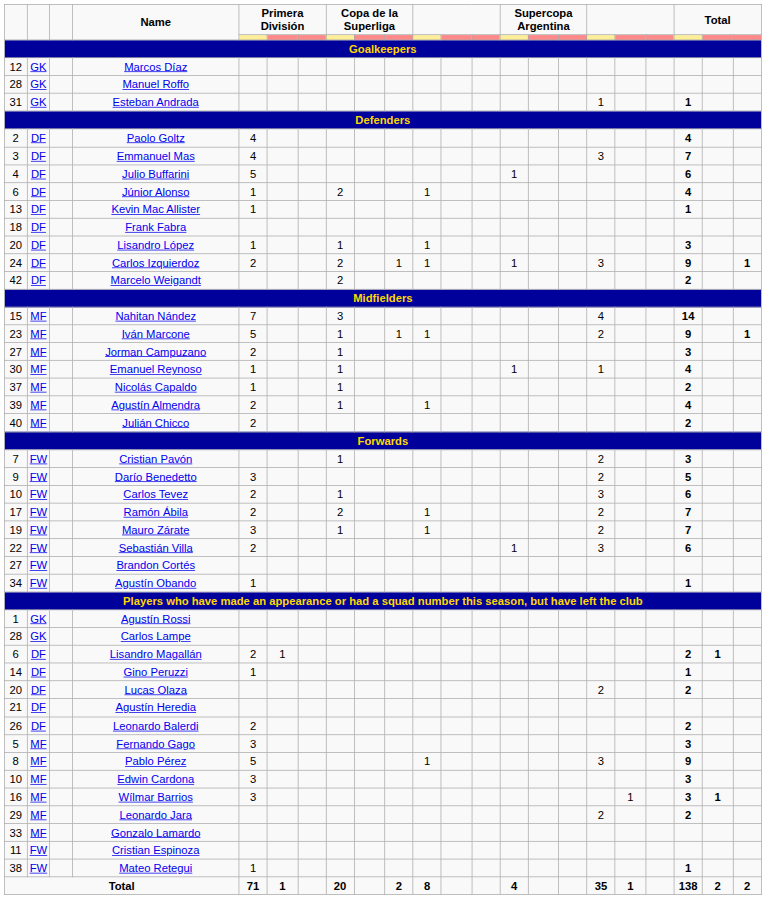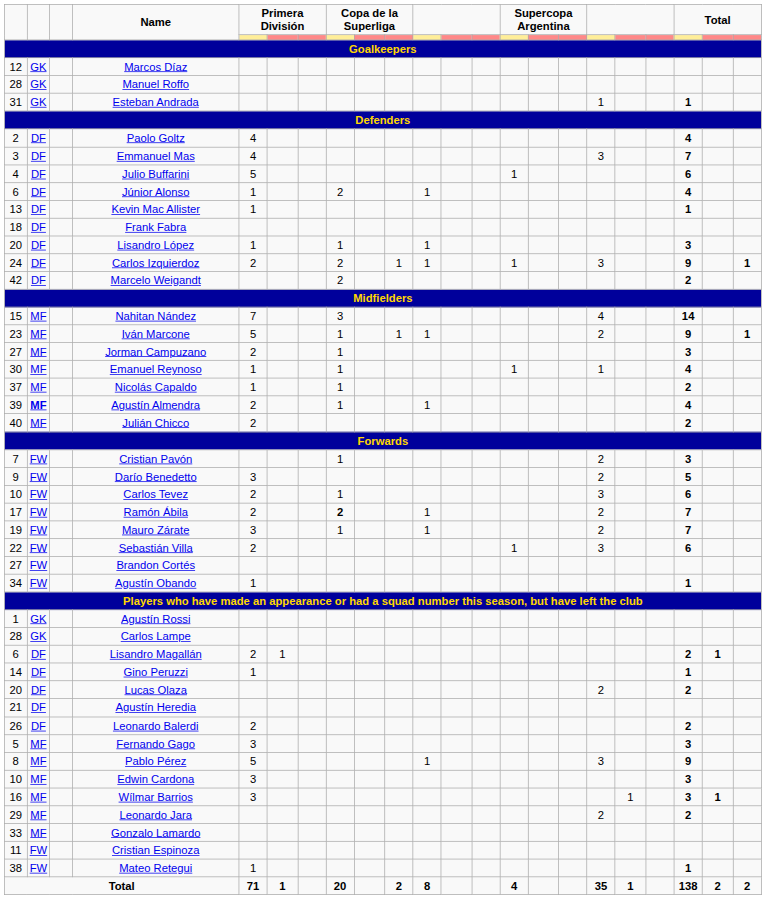 <table class="wikitable" style="font-size: 95%; text-align: center;">
 <tr>
 <td rowspan="2"  style="width:3%; text-align:center;"><strong></strong></td>
 <td rowspan="2"  style="width:3%; text-align:center;"><strong></strong></td>
 <td rowspan="2"  style="width:3%; text-align:center;"><strong></strong></td>
 <td rowspan="2"  style="width:22%; text-align:center;"><strong>Name</strong></td>
 <td colspan="3" style="text-align:center;"><strong>Primera División</strong></td>
 <td colspan="3" style="text-align:center;"><strong>Copa de la Superliga</strong></td>
 <td colspan="3" style="text-align:center;"><strong></strong></td>
 <td colspan="3" style="text-align:center;"><strong>Supercopa Argentina</strong></td>
 <td colspan="3" style="text-align:center;"><strong></strong></td>
 <td colspan="3" style="text-align:center;"><strong>Total</strong></td>
 </tr>
 <tr>
 <th style="width:25px; background:#fe9;"></th>
 <th style="width:28px; background:#ff8888;"></th>
 <th style="width:25px; background:#ff8888;"></th>
 <th style="width:25px; background:#fe9;"></th>
 <th style="width:28px; background:#ff8888;"></th>
 <th style="width:25px; background:#ff8888;"></th>
 <th style="width:25px; background:#fe9;"></th>
 <th style="width:28px; background:#ff8888;"></th>
 <th style="width:25px; background:#ff8888;"></th>
 <th style="width:25px; background:#fe9;"></th>
 <th style="width:28px; background:#ff8888;"></th>
 <th style="width:25px; background:#ff8888;"></th>
 <th style="width:25px; background:#fe9;"></th>
 <th style="width:28px; background:#ff8888;"></th>
 <th style="width:25px; background:#ff8888;"></th>
 <th style="width:25px; background:#fe9;"></th>
 <th style="width:28px; background:#ff8888;"></th>
 <th style="width:25px; background:#ff8888;"></th>
 </tr>
 <tr>
 <th colspan="22" style="background:#00009B; color:gold; text-align:center">Goalkeepers</th>
 </tr>
 <tr>
 <td>12</td>
 <td><a href='#'>GK</a></td>
 <td></td>
 <td><a href='#'>Marcos Díaz</a></td>
 <td></td>
 <td></td>
 <td></td>
 <td></td>
 <td></td>
 <td></td>
 <td></td>
 <td></td>
 <td></td>
 <td></td>
 <td></td>
 <td></td>
 <td></td>
 <td></td>
 <td></td>
 <td></td>
 <td></td>
 <td></td>
 </tr>
 <tr>
 <td>28</td>
 <td><a href='#'>GK</a></td>
 <td></td>
 <td><a href='#'>Manuel Roffo</a></td>
 <td></td>
 <td></td>
 <td></td>
 <td></td>
 <td></td>
 <td></td>
 <td></td>
 <td></td>
 <td></td>
 <td></td>
 <td></td>
 <td></td>
 <td></td>
 <td></td>
 <td></td>
 <td></td>
 <td></td>
 <td></td>
 </tr>
 <tr>
 <td>31</td>
 <td><a href='#'>GK</a></td>
 <td></td>
 <td><a href='#'>Esteban Andrada</a></td>
 <td></td>
 <td></td>
 <td></td>
 <td></td>
 <td></td>
 <td></td>
 <td></td>
 <td></td>
 <td></td>
 <td></td>
 <td></td>
 <td></td>
 <td>1</td>
 <td></td>
 <td></td>
 <td><strong>1</strong></td>
 <td></td>
 <td></td>
 </tr>
 <tr>
 <th colspan="22" style="background:#00009B; color:gold; text-align:center">Defenders</th>
 </tr>
 <tr>
 <td>2</td>
 <td><a href='#'>DF</a></td>
 <td></td>
 <td><a href='#'>Paolo Goltz</a></td>
 <td>4</td>
 <td></td>
 <td></td>
 <td></td>
 <td></td>
 <td></td>
 <td></td>
 <td></td>
 <td></td>
 <td></td>
 <td></td>
 <td></td>
 <td></td>
 <td></td>
 <td></td>
 <td><strong>4</strong></td>
 <td></td>
 <td></td>
 </tr>
 <tr>
 <td>3</td>
 <td><a href='#'>DF</a></td>
 <td></td>
 <td><a href='#'>Emmanuel Mas</a></td>
 <td>4</td>
 <td></td>
 <td></td>
 <td></td>
 <td></td>
 <td></td>
 <td></td>
 <td></td>
 <td></td>
 <td></td>
 <td></td>
 <td></td>
 <td>3</td>
 <td></td>
 <td></td>
 <td><strong>7</strong></td>
 <td></td>
 <td></td>
 </tr>
 <tr>
 <td>4</td>
 <td><a href='#'>DF</a></td>
 <td></td>
 <td><a href='#'>Julio Buffarini</a></td>
 <td>5</td>
 <td></td>
 <td></td>
 <td></td>
 <td></td>
 <td></td>
 <td></td>
 <td></td>
 <td></td>
 <td>1</td>
 <td></td>
 <td></td>
 <td></td>
 <td></td>
 <td></td>
 <td><strong>6</strong></td>
 <td></td>
 <td></td>
 </tr>
 <tr>
 <td>6</td>
 <td><a href='#'>DF</a></td>
 <td></td>
 <td><a href='#'>Júnior Alonso</a></td>
 <td>1</td>
 <td></td>
 <td></td>
 <td>2</td>
 <td></td>
 <td></td>
 <td>1</td>
 <td></td>
 <td></td>
 <td></td>
 <td></td>
 <td></td>
 <td></td>
 <td></td>
 <td></td>
 <td><strong>4</strong></td>
 <td></td>
 <td></td>
 </tr>
 <tr>
 <td>13</td>
 <td><a href='#'>DF</a></td>
 <td></td>
 <td><a href='#'>Kevin Mac Allister</a></td>
 <td>1</td>
 <td></td>
 <td></td>
 <td></td>
 <td></td>
 <td></td>
 <td></td>
 <td></td>
 <td></td>
 <td></td>
 <td></td>
 <td></td>
 <td></td>
 <td></td>
 <td></td>
 <td><strong>1</strong></td>
 <td></td>
 <td></td>
 </tr>
 <tr>
 <td>18</td>
 <td><a href='#'>DF</a></td>
 <td></td>
 <td><a href='#'>Frank Fabra</a></td>
 <td></td>
 <td></td>
 <td></td>
 <td></td>
 <td></td>
 <td></td>
 <td></td>
 <td></td>
 <td></td>
 <td></td>
 <td></td>
 <td></td>
 <td></td>
 <td></td>
 <td></td>
 <td></td>
 <td></td>
 <td></td>
 </tr>
 <tr>
 <td>20</td>
 <td><a href='#'>DF</a></td>
 <td></td>
 <td><a href='#'>Lisandro López</a></td>
 <td>1</td>
 <td></td>
 <td></td>
 <td>1</td>
 <td></td>
 <td></td>
 <td>1</td>
 <td></td>
 <td></td>
 <td></td>
 <td></td>
 <td></td>
 <td></td>
 <td></td>
 <td></td>
 <td><strong>3</strong></td>
 <td></td>
 <td></td>
 </tr>
 <tr>
 <td>24</td>
 <td><a href='#'>DF</a></td>
 <td></td>
 <td><a href='#'>Carlos Izquierdoz</a></td>
 <td>2</td>
 <td></td>
 <td></td>
 <td>2</td>
 <td></td>
 <td>1</td>
 <td>1</td>
 <td></td>
 <td></td>
 <td>1</td>
 <td></td>
 <td></td>
 <td>3</td>
 <td></td>
 <td></td>
 <td><strong>9</strong></td>
 <td></td>
 <td><strong>1</strong></td>
 </tr>
 <tr>
 <td>42</td>
 <td><a href='#'>DF</a></td>
 <td></td>
 <td><a href='#'>Marcelo Weigandt</a></td>
 <td></td>
 <td></td>
 <td></td>
 <td>2</td>
 <td></td>
 <td></td>
 <td></td>
 <td></td>
 <td></td>
 <td></td>
 <td></td>
 <td></td>
 <td></td>
 <td></td>
 <td></td>
 <td><strong>2</strong></td>
 <td></td>
 <td></td>
 </tr>
 <tr>
 <th colspan="22" style="background:#00009B; color:gold; text-align:center">Midfielders</th>
 </tr>
 <tr>
 <td>15</td>
 <td><a href='#'>MF</a></td>
 <td></td>
 <td><a href='#'>Nahitan Nández</a></td>
 <td>7</td>
 <td></td>
 <td></td>
 <td>3</td>
 <td></td>
 <td></td>
 <td></td>
 <td></td>
 <td></td>
 <td></td>
 <td></td>
 <td></td>
 <td>4</td>
 <td></td>
 <td></td>
 <td><strong>14</strong></td>
 <td></td>
 <td></td>
 </tr>
 <tr>
 <td>23</td>
 <td><a href='#'>MF</a></td>
 <td></td>
 <td><a href='#'>Iván Marcone</a></td>
 <td>5</td>
 <td></td>
 <td></td>
 <td>1</td>
 <td></td>
 <td>1</td>
 <td>1</td>
 <td></td>
 <td></td>
 <td></td>
 <td></td>
 <td></td>
 <td>2</td>
 <td></td>
 <td></td>
 <td><strong>9</strong></td>
 <td></td>
 <td><strong>1</strong></td>
 </tr>
 <tr>
 <td>27</td>
 <td><a href='#'>MF</a></td>
 <td></td>
 <td><a href='#'>Jorman Campuzano</a></td>
 <td>2</td>
 <td></td>
 <td></td>
 <td>1</td>
 <td></td>
 <td></td>
 <td></td>
 <td></td>
 <td></td>
 <td></td>
 <td></td>
 <td></td>
 <td></td>
 <td></td>
 <td></td>
 <td><strong>3</strong></td>
 <td></td>
 <td></td>
 </tr>
 <tr>
 <td>30</td>
 <td><a href='#'>MF</a></td>
 <td></td>
 <td><a href='#'>Emanuel Reynoso</a></td>
 <td>1</td>
 <td></td>
 <td></td>
 <td>1</td>
 <td></td>
 <td></td>
 <td></td>
 <td></td>
 <td></td>
 <td>1</td>
 <td></td>
 <td></td>
 <td>1</td>
 <td></td>
 <td></td>
 <td><strong>4</strong></td>
 <td></td>
 <td></td>
 </tr>
 <tr>
 <td>37</td>
 <td><a href='#'>MF</a></td>
 <td></td>
 <td><a href='#'>Nicolás Capaldo</a></td>
 <td>1</td>
 <td></td>
 <td></td>
 <td>1</td>
 <td></td>
 <td></td>
 <td></td>
 <td></td>
 <td></td>
 <td></td>
 <td></td>
 <td></td>
 <td></td>
 <td></td>
 <td></td>
 <td><strong>2</strong></td>
 <td></td>
 <td></td>
 </tr>
 <tr>
 <td>39</td>
-<td><a href='#'>MF</a></td>
+<td><strong><a href='#'>MF</a></strong></td>
 <td></td>
 <td><a href='#'>Agustín Almendra</a></td>
 <td>2</td>
 <td></td>
 <td></td>
 <td>1</td>
 <td></td>
 <td></td>
 <td>1</td>
 <td></td>
 <td></td>
 <td></td>
 <td></td>
 <td></td>
 <td></td>
 <td></td>
 <td></td>
 <td><strong>4</strong></td>
 <td></td>
 <td></td>
 </tr>
 <tr>
 <td>40</td>
 <td><a href='#'>MF</a></td>
 <td></td>
 <td><a href='#'>Julián Chicco</a></td>
 <td>2</td>
 <td></td>
 <td></td>
 <td></td>
 <td></td>
 <td></td>
 <td></td>
 <td></td>
 <td></td>
 <td></td>
 <td></td>
 <td></td>
 <td></td>
 <td></td>
 <td></td>
 <td><strong>2</strong></td>
 <td></td>
 <td></td>
 </tr>
 <tr>
 <th colspan="22" style="background:#00009B; color:gold; text-align:center">Forwards</th>
 </tr>
 <tr>
 <td>7</td>
 <td><a href='#'>FW</a></td>
 <td></td>
 <td><a href='#'>Cristian Pavón</a></td>
 <td></td>
 <td></td>
 <td></td>
 <td>1</td>
 <td></td>
 <td></td>
 <td></td>
 <td></td>
 <td></td>
 <td></td>
 <td></td>
 <td></td>
 <td>2</td>
 <td></td>
 <td></td>
 <td><strong>3</strong></td>
 <td></td>
 <td></td>
 </tr>
 <tr>
 <td>9</td>
 <td><a href='#'>FW</a></td>
 <td></td>
 <td><a href='#'>Darío Benedetto</a></td>
 <td>3</td>
 <td></td>
 <td></td>
 <td></td>
 <td></td>
 <td></td>
 <td></td>
 <td></td>
 <td></td>
 <td></td>
 <td></td>
 <td></td>
 <td>2</td>
 <td></td>
 <td></td>
 <td><strong>5</strong></td>
 <td></td>
 <td></td>
 </tr>
 <tr>
 <td>10</td>
 <td><a href='#'>FW</a></td>
 <td></td>
 <td><a href='#'>Carlos Tevez</a></td>
 <td>2</td>
 <td></td>
 <td></td>
 <td>1</td>
 <td></td>
 <td></td>
 <td></td>
 <td></td>
 <td></td>
 <td></td>
 <td></td>
 <td></td>
 <td>3</td>
 <td></td>
 <td></td>
 <td><strong>6</strong></td>
 <td></td>
 <td></td>
 </tr>
 <tr>
 <td>17</td>
 <td><a href='#'>FW</a></td>
 <td></td>
 <td><a href='#'>Ramón Ábila</a></td>
 <td>2</td>
 <td></td>
 <td></td>
-<td>2</td>
+<td><strong>2</strong></td>
 <td></td>
 <td></td>
 <td>1</td>
 <td></td>
 <td></td>
 <td></td>
 <td></td>
 <td></td>
 <td>2</td>
 <td></td>
 <td></td>
 <td><strong>7</strong></td>
 <td></td>
 <td></td>
 </tr>
 <tr>
 <td>19</td>
 <td><a href='#'>FW</a></td>
 <td></td>
 <td><a href='#'>Mauro Zárate</a></td>
 <td>3</td>
 <td></td>
 <td></td>
 <td>1</td>
 <td></td>
 <td></td>
 <td>1</td>
 <td></td>
 <td></td>
 <td></td>
 <td></td>
 <td></td>
 <td>2</td>
 <td></td>
 <td></td>
 <td><strong>7</strong></td>
 <td></td>
 <td></td>
 </tr>
 <tr>
 <td>22</td>
 <td><a href='#'>FW</a></td>
 <td></td>
 <td><a href='#'>Sebastián Villa</a></td>
 <td>2</td>
 <td></td>
 <td></td>
 <td></td>
 <td></td>
 <td></td>
 <td></td>
 <td></td>
 <td></td>
 <td>1</td>
 <td></td>
 <td></td>
 <td>3</td>
 <td></td>
 <td></td>
 <td><strong>6</strong></td>
 <td></td>
 <td></td>
 </tr>
 <tr>
 <td>27</td>
 <td><a href='#'>FW</a></td>
 <td></td>
 <td><a href='#'>Brandon Cortés</a></td>
 <td></td>
 <td></td>
 <td></td>
 <td></td>
 <td></td>
 <td></td>
 <td></td>
 <td></td>
 <td></td>
 <td></td>
 <td></td>
 <td></td>
 <td></td>
 <td></td>
 <td></td>
 <td></td>
 <td></td>
 <td></td>
 </tr>
 <tr>
 <td>34</td>
 <td><a href='#'>FW</a></td>
 <td></td>
 <td><a href='#'>Agustín Obando</a></td>
 <td>1</td>
 <td></td>
 <td></td>
 <td></td>
 <td></td>
 <td></td>
 <td></td>
 <td></td>
 <td></td>
 <td></td>
 <td></td>
 <td></td>
 <td></td>
 <td></td>
 <td></td>
 <td><strong>1</strong></td>
 <td></td>
 <td></td>
 </tr>
 <tr>
 <th colspan="22" style="background:#00009B; color:gold; text-align:center">Players who have made an appearance or had a squad number this season, but have left the club</th>
 </tr>
 <tr>
 <td>1</td>
 <td><a href='#'>GK</a></td>
 <td></td>
 <td><a href='#'>Agustín Rossi</a></td>
 <td></td>
 <td></td>
 <td></td>
 <td></td>
 <td></td>
 <td></td>
 <td></td>
 <td></td>
 <td></td>
 <td></td>
 <td></td>
 <td></td>
 <td></td>
 <td></td>
 <td></td>
 <td></td>
 <td></td>
 <td></td>
 </tr>
 <tr>
 <td>28</td>
 <td><a href='#'>GK</a></td>
 <td></td>
 <td><a href='#'>Carlos Lampe</a></td>
 <td></td>
 <td></td>
 <td></td>
 <td></td>
 <td></td>
 <td></td>
 <td></td>
 <td></td>
 <td></td>
 <td></td>
 <td></td>
 <td></td>
 <td></td>
 <td></td>
 <td></td>
 <td></td>
 <td></td>
 <td></td>
 </tr>
 <tr>
 <td>6</td>
 <td><a href='#'>DF</a></td>
 <td></td>
 <td><a href='#'>Lisandro Magallán</a></td>
 <td>2</td>
 <td>1</td>
 <td></td>
 <td></td>
 <td></td>
 <td></td>
 <td></td>
 <td></td>
 <td></td>
 <td></td>
 <td></td>
 <td></td>
 <td></td>
 <td></td>
 <td></td>
 <td><strong>2</strong></td>
 <td><strong>1</strong></td>
 <td></td>
 </tr>
 <tr>
 <td>14</td>
 <td><a href='#'>DF</a></td>
 <td></td>
 <td><a href='#'>Gino Peruzzi</a></td>
 <td>1</td>
 <td></td>
 <td></td>
 <td></td>
 <td></td>
 <td></td>
 <td></td>
 <td></td>
 <td></td>
 <td></td>
 <td></td>
 <td></td>
 <td></td>
 <td></td>
 <td></td>
 <td><strong>1</strong></td>
 <td></td>
 <td></td>
 </tr>
 <tr>
 <td>20</td>
 <td><a href='#'>DF</a></td>
 <td></td>
 <td><a href='#'>Lucas Olaza</a></td>
 <td></td>
 <td></td>
 <td></td>
 <td></td>
 <td></td>
 <td></td>
 <td></td>
 <td></td>
 <td></td>
 <td></td>
 <td></td>
 <td></td>
 <td>2</td>
 <td></td>
 <td></td>
 <td><strong>2</strong></td>
 <td></td>
 <td></td>
 </tr>
 <tr>
 <td>21</td>
 <td><a href='#'>DF</a></td>
 <td></td>
 <td><a href='#'>Agustín Heredia</a></td>
 <td></td>
 <td></td>
 <td></td>
 <td></td>
 <td></td>
 <td></td>
 <td></td>
 <td></td>
 <td></td>
 <td></td>
 <td></td>
 <td></td>
 <td></td>
 <td></td>
 <td></td>
 <td></td>
 <td></td>
 <td></td>
 </tr>
 <tr>
 <td>26</td>
 <td><a href='#'>DF</a></td>
 <td></td>
 <td><a href='#'>Leonardo Balerdi</a></td>
 <td>2</td>
 <td></td>
 <td></td>
 <td></td>
 <td></td>
 <td></td>
 <td></td>
 <td></td>
 <td></td>
 <td></td>
 <td></td>
 <td></td>
 <td></td>
 <td></td>
 <td></td>
 <td><strong>2</strong></td>
 <td></td>
 <td></td>
 </tr>
 <tr>
 <td>5</td>
 <td><a href='#'>MF</a></td>
 <td></td>
 <td><a href='#'>Fernando Gago</a></td>
 <td>3</td>
 <td></td>
 <td></td>
 <td></td>
 <td></td>
 <td></td>
 <td></td>
 <td></td>
 <td></td>
 <td></td>
 <td></td>
 <td></td>
 <td></td>
 <td></td>
 <td></td>
 <td><strong>3</strong></td>
 <td></td>
 <td></td>
 </tr>
 <tr>
 <td>8</td>
 <td><a href='#'>MF</a></td>
 <td></td>
 <td><a href='#'>Pablo Pérez</a></td>
 <td>5</td>
 <td></td>
 <td></td>
 <td></td>
 <td></td>
 <td></td>
 <td>1</td>
 <td></td>
 <td></td>
 <td></td>
 <td></td>
 <td></td>
 <td>3</td>
 <td></td>
 <td></td>
 <td><strong>9</strong></td>
 <td></td>
 <td></td>
 </tr>
 <tr>
 <td>10</td>
 <td><a href='#'>MF</a></td>
 <td></td>
 <td><a href='#'>Edwin Cardona</a></td>
 <td>3</td>
 <td></td>
 <td></td>
 <td></td>
 <td></td>
 <td></td>
 <td></td>
 <td></td>
 <td></td>
 <td></td>
 <td></td>
 <td></td>
 <td></td>
 <td></td>
 <td></td>
 <td><strong>3</strong></td>
 <td></td>
 <td></td>
 </tr>
 <tr>
 <td>16</td>
 <td><a href='#'>MF</a></td>
 <td></td>
 <td><a href='#'>Wílmar Barrios</a></td>
 <td>3</td>
 <td></td>
 <td></td>
 <td></td>
 <td></td>
 <td></td>
 <td></td>
 <td></td>
 <td></td>
 <td></td>
 <td></td>
 <td></td>
 <td></td>
 <td>1</td>
 <td></td>
 <td><strong>3</strong></td>
 <td><strong>1</strong></td>
 <td></td>
 </tr>
 <tr>
 <td>29</td>
 <td><a href='#'>MF</a></td>
 <td></td>
 <td><a href='#'>Leonardo Jara</a></td>
 <td></td>
 <td></td>
 <td></td>
 <td></td>
 <td></td>
 <td></td>
 <td></td>
 <td></td>
 <td></td>
 <td></td>
 <td></td>
 <td></td>
 <td>2</td>
 <td></td>
 <td></td>
 <td><strong>2</strong></td>
 <td></td>
 <td></td>
 </tr>
 <tr>
 <td>33</td>
 <td><a href='#'>MF</a></td>
 <td></td>
 <td><a href='#'>Gonzalo Lamardo</a></td>
 <td></td>
 <td></td>
 <td></td>
 <td></td>
 <td></td>
 <td></td>
 <td></td>
 <td></td>
 <td></td>
 <td></td>
 <td></td>
 <td></td>
 <td></td>
 <td></td>
 <td></td>
 <td></td>
 <td></td>
 <td></td>
 </tr>
 <tr>
 <td>11</td>
 <td><a href='#'>FW</a></td>
 <td></td>
 <td><a href='#'>Cristian Espinoza</a></td>
 <td></td>
 <td></td>
 <td></td>
 <td></td>
 <td></td>
 <td></td>
 <td></td>
 <td></td>
 <td></td>
 <td></td>
 <td></td>
 <td></td>
 <td></td>
 <td></td>
 <td></td>
 <td></td>
 <td></td>
 <td></td>
 </tr>
 <tr>
 <td>38</td>
 <td><a href='#'>FW</a></td>
 <td></td>
 <td><a href='#'>Mateo Retegui</a></td>
 <td>1</td>
 <td></td>
 <td></td>
 <td></td>
 <td></td>
 <td></td>
 <td></td>
 <td></td>
 <td></td>
 <td></td>
 <td></td>
 <td></td>
 <td></td>
 <td></td>
 <td></td>
 <td><strong>1</strong></td>
 <td></td>
 <td></td>
 </tr>
 <tr>
 <td colspan=4><strong>Total</strong></td>
 <td><strong>71</strong></td>
 <td><strong>1</strong></td>
 <td></td>
 <td><strong>20</strong></td>
 <td></td>
 <td><strong>2</strong></td>
 <td><strong>8</strong></td>
 <td></td>
 <td></td>
 <td><strong>4</strong></td>
 <td></td>
 <td></td>
 <td><strong>35</strong></td>
 <td><strong>1</strong></td>
 <td></td>
 <td><strong>138</strong></td>
 <td><strong>2</strong></td>
 <td><strong>2</strong></td>
 </tr>
 </table>
